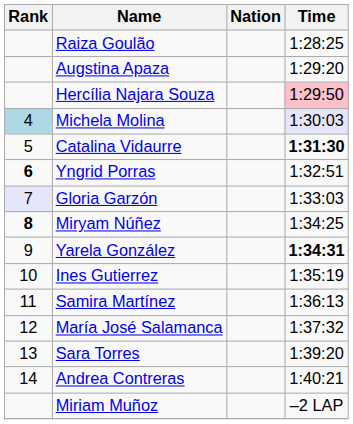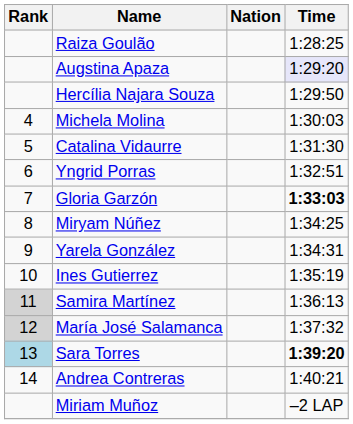 <table class="wikitable" style="text-align:center">
 <tr>
 <th>Rank</th>
 <th>Name</th>
 <th>Nation</th>
 <th>Time</th>
 </tr>
 <tr>
 <td></td>
 <td align=left><a href='#'>Raiza Goulão</a></td>
 <td align=left></td>
 <td>1:28:25</td>
 </tr>
 <tr>
 <td></td>
 <td align=left><a href='#'>Augstina Apaza</a></td>
 <td align=left></td>
-<td>1:29:20</td>
+<td style="background: lavender;">1:29:20</td>
 </tr>
 <tr>
 <td></td>
 <td align=left><a href='#'>Hercília Najara Souza</a></td>
 <td align=left></td>
-<td style="background: pink;">1:29:50</td>
+<td>1:29:50</td>
 </tr>
 <tr>
-<td style="background: lightblue;">4</td>
+<td>4</td>
 <td align=left><a href='#'>Michela Molina</a></td>
 <td align=left></td>
-<td style="background: lavender;">1:30:03</td>
+<td>1:30:03</td>
 </tr>
 <tr>
 <td>5</td>
 <td align=left><a href='#'>Catalina Vidaurre</a></td>
 <td align=left></td>
-<td><strong>1:31:30</strong></td>
+<td>1:31:30</td>
 </tr>
 <tr>
-<td><strong>6</strong></td>
+<td>6</td>
 <td align=left><a href='#'>Yngrid Porras</a></td>
 <td align=left></td>
 <td>1:32:51</td>
 </tr>
 <tr>
-<td style="background: lavender;">7</td>
+<td>7</td>
 <td align=left><a href='#'>Gloria Garzón</a></td>
 <td align=left></td>
-<td>1:33:03</td>
+<td><strong>1:33:03</strong></td>
 </tr>
 <tr>
-<td><strong>8</strong></td>
+<td>8</td>
 <td align=left><a href='#'>Miryam Núñez</a></td>
 <td align=left></td>
 <td>1:34:25</td>
 </tr>
 <tr>
 <td>9</td>
 <td align=left><a href='#'>Yarela González</a></td>
 <td align=left></td>
-<td><strong>1:34:31</strong></td>
+<td>1:34:31</td>
 </tr>
 <tr>
 <td>10</td>
 <td align=left><a href='#'>Ines Gutierrez</a></td>
 <td align=left></td>
 <td>1:35:19</td>
 </tr>
 <tr>
-<td>11</td>
+<td style="background: lightgrey;">11</td>
 <td align=left><a href='#'>Samira Martínez</a></td>
 <td align=left></td>
 <td>1:36:13</td>
 </tr>
 <tr>
-<td>12</td>
+<td style="background: lightgrey;">12</td>
 <td align=left><a href='#'>María José Salamanca</a></td>
 <td align=left></td>
 <td>1:37:32</td>
 </tr>
 <tr>
-<td>13</td>
+<td style="background: lightblue;">13</td>
 <td align=left><a href='#'>Sara Torres</a></td>
 <td align=left></td>
-<td>1:39:20</td>
+<td><strong>1:39:20</strong></td>
 </tr>
 <tr>
 <td>14</td>
 <td align=left><a href='#'>Andrea Contreras</a></td>
 <td align=left></td>
 <td>1:40:21</td>
 </tr>
 <tr>
 <td></td>
 <td align=left><a href='#'>Miriam Muñoz</a></td>
 <td align=left></td>
 <td>–2 LAP</td>
 </tr>
 <tr>
 </tr>
 </table>
